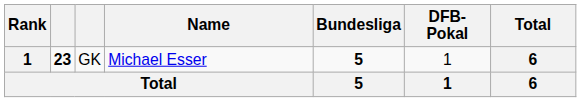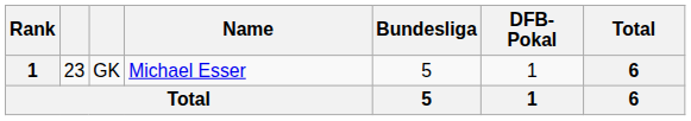 <table class="wikitable" style="text-align:center;">
 <tr>
 <th>Rank</th>
 <th></th>
 <th></th>
 <th width=205>Name</th>
 <th width=80>Bundesliga</th>
 <th width=80>DFB-Pokal</th>
 <th width=80>Total</th>
 </tr>
 <tr>
 <th>1</th>
-<td><strong>23</strong></td>
+<td>23</td>
 <td>GK</td>
 <td align="left"> <a href='#'>Michael Esser</a></td>
-<td><strong>5</strong></td>
+<td>5</td>
 <td>1</td>
 <th>6</th>
 </tr>
 <tr>
 <th colspan="4">Total</th>
 <th>5</th>
 <th>1</th>
 <th>6</th>
 </tr>
 </table>
